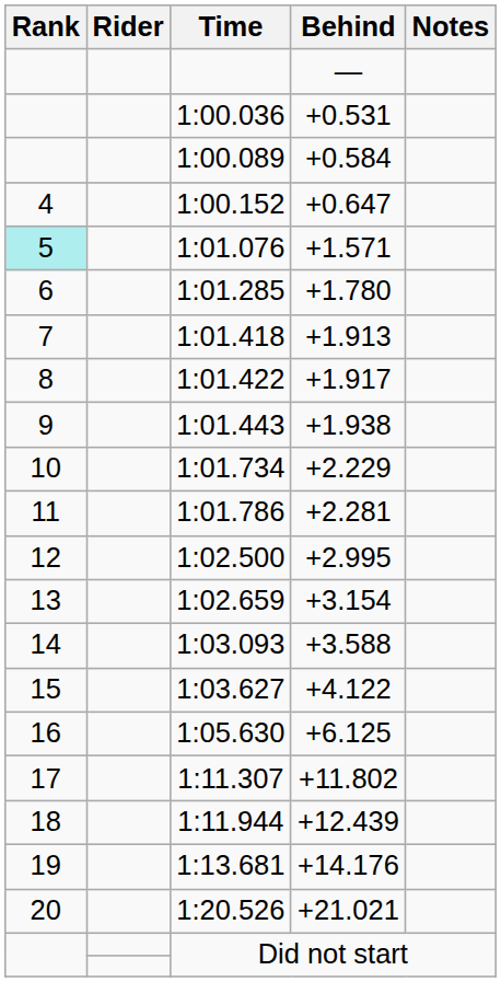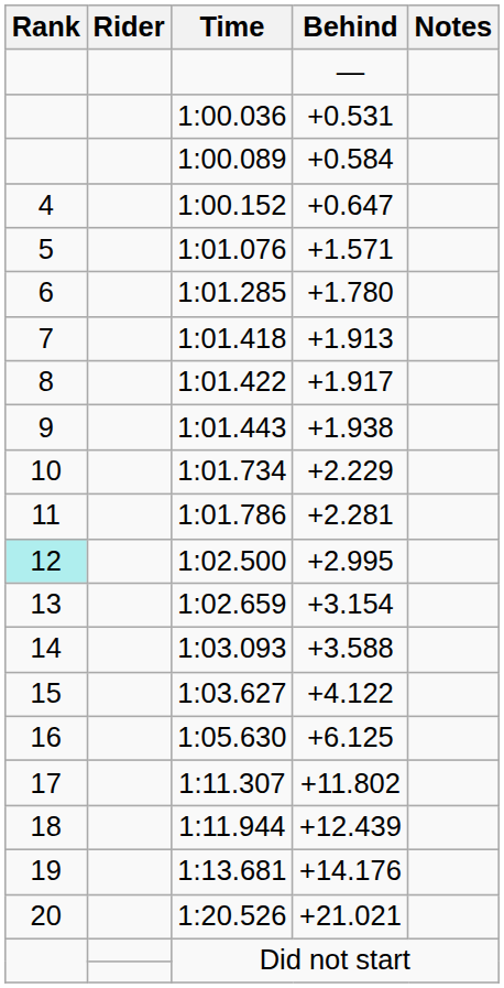 <table class="wikitable sortable" style="text-align:center">
 <tr>
 <th>Rank</th>
 <th>Rider</th>
 <th>Time</th>
 <th>Behind</th>
 <th>Notes</th>
 </tr>
 <tr>
 <td></td>
 <td align=left></td>
 <td></td>
 <td>—</td>
 <td></td>
 </tr>
 <tr>
 <td></td>
 <td align=left></td>
 <td>1:00.036</td>
 <td>+0.531</td>
 <td></td>
 </tr>
 <tr>
 <td></td>
 <td align=left></td>
 <td>1:00.089</td>
 <td>+0.584</td>
 <td></td>
 </tr>
 <tr>
 <td>4</td>
 <td align=left></td>
 <td>1:00.152</td>
 <td>+0.647</td>
 <td></td>
 </tr>
 <tr>
-<td style="background: paleturquoise;">5</td>
+<td>5</td>
 <td align=left></td>
 <td>1:01.076</td>
 <td>+1.571</td>
 <td></td>
 </tr>
 <tr>
 <td>6</td>
 <td align=left></td>
 <td>1:01.285</td>
 <td>+1.780</td>
 <td></td>
 </tr>
 <tr>
 <td>7</td>
 <td align=left></td>
 <td>1:01.418</td>
 <td>+1.913</td>
 <td></td>
 </tr>
 <tr>
 <td>8</td>
 <td align=left></td>
 <td>1:01.422</td>
 <td>+1.917</td>
 <td></td>
 </tr>
 <tr>
 <td>9</td>
 <td align=left></td>
 <td>1:01.443</td>
 <td>+1.938</td>
 <td></td>
 </tr>
 <tr>
 <td>10</td>
 <td align=left></td>
 <td>1:01.734</td>
 <td>+2.229</td>
 <td></td>
 </tr>
 <tr>
 <td>11</td>
 <td align=left></td>
 <td>1:01.786</td>
 <td>+2.281</td>
 <td></td>
 </tr>
 <tr>
-<td>12</td>
+<td style="background: paleturquoise;">12</td>
 <td align=left></td>
 <td>1:02.500</td>
 <td>+2.995</td>
 <td></td>
 </tr>
 <tr>
 <td>13</td>
 <td align=left></td>
 <td>1:02.659</td>
 <td>+3.154</td>
 <td></td>
 </tr>
 <tr>
 <td>14</td>
 <td align=left></td>
 <td>1:03.093</td>
 <td>+3.588</td>
 <td></td>
 </tr>
 <tr>
 <td>15</td>
 <td align=left></td>
 <td>1:03.627</td>
 <td>+4.122</td>
 <td></td>
 </tr>
 <tr>
 <td>16</td>
 <td align=left></td>
 <td>1:05.630</td>
 <td>+6.125</td>
 <td></td>
 </tr>
 <tr>
 <td>17</td>
 <td align=left></td>
 <td>1:11.307</td>
 <td>+11.802</td>
 <td></td>
 </tr>
 <tr>
 <td>18</td>
 <td align=left></td>
 <td>1:11.944</td>
 <td>+12.439</td>
 <td></td>
 </tr>
 <tr>
 <td>19</td>
 <td align=left></td>
 <td>1:13.681</td>
 <td>+14.176</td>
 <td></td>
 </tr>
 <tr>
 <td>20</td>
 <td align=left></td>
 <td>1:20.526</td>
 <td>+21.021</td>
 <td></td>
 </tr>
 <tr>
 <td rowspan=2></td>
 <td align=left></td>
 <td colspan=3 rowspan=2>Did not start</td>
 </tr>
 <tr>
 <td align=left></td>
 </tr>
 </table>
